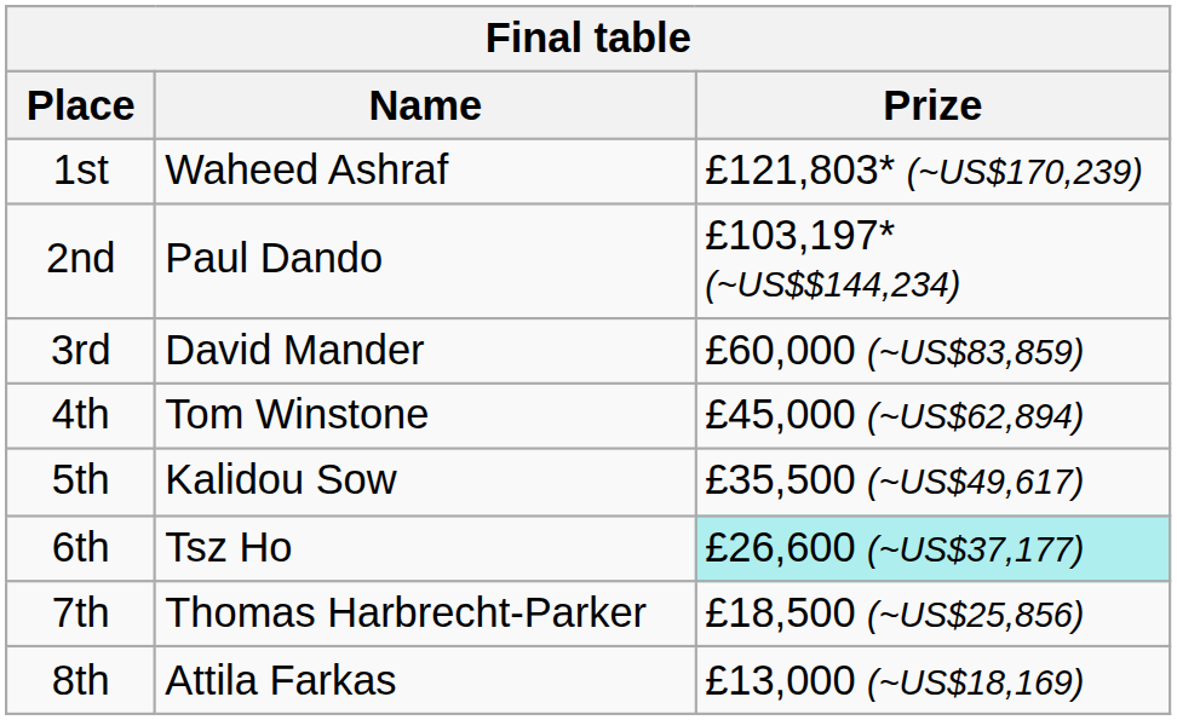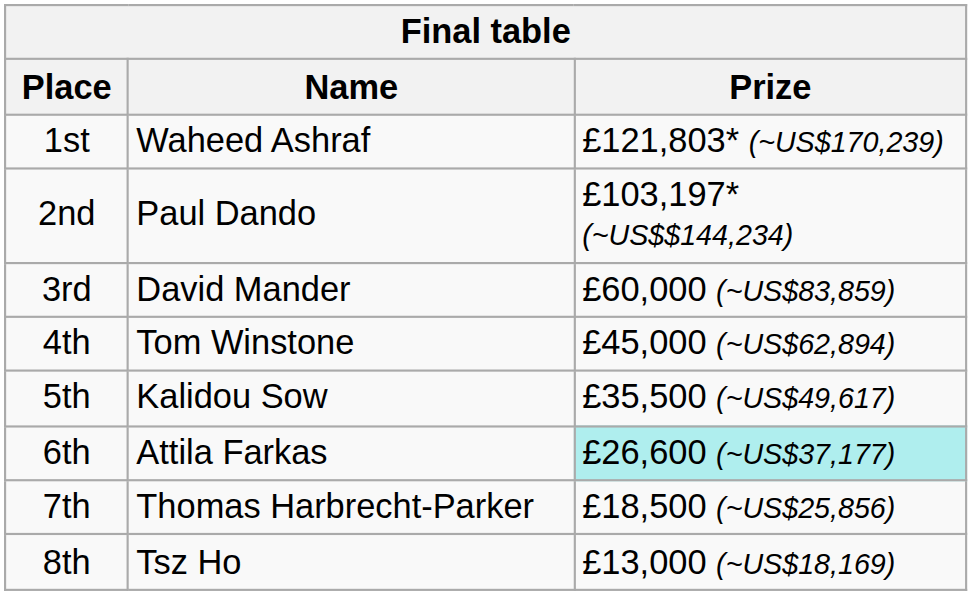 <table class="wikitable">
 <tr>
 <th colspan="3">Final table</th>
 </tr>
 <tr>
 <th style="width:50px;">Place</th>
 <th style="width:200px;">Name</th>
 <th style="width:175px;">Prize</th>
 </tr>
 <tr>
 <td style="text-align:center;">1st</td>
 <td> Waheed Ashraf</td>
 <td>£121,803* <small><em>(~US$170,239)</em></small></td>
 </tr>
 <tr>
 <td style="text-align:center;">2nd</td>
 <td> Paul Dando</td>
 <td>£103,197* <small><em>(~US$$144,234)</em></small></td>
 </tr>
 <tr>
 <td style="text-align:center;">3rd</td>
 <td> David Mander</td>
 <td>£60,000 <small><em>(~US$83,859)</em></small></td>
 </tr>
 <tr>
 <td style="text-align:center;">4th</td>
 <td> Tom Winstone</td>
 <td>£45,000 <small><em>(~US$62,894)</em></small></td>
 </tr>
 <tr>
 <td style="text-align:center;">5th</td>
 <td> Kalidou Sow</td>
 <td>£35,500 <small><em>(~US$49,617)</em></small></td>
 </tr>
 <tr>
 <td style="text-align:center;">6th</td>
-<td> Tsz Ho</td>
+<td> Attila Farkas</td>
 <td style="background: paleturquoise;">£26,600 <small><em>(~US$37,177)</em></small></td>
 </tr>
 <tr>
 <td style="text-align:center;">7th</td>
 <td> Thomas Harbrecht-Parker</td>
 <td>£18,500 <small><em>(~US$25,856)</em></small></td>
 </tr>
 <tr>
 <td style="text-align:center;">8th</td>
-<td> Attila Farkas</td>
+<td> Tsz Ho</td>
 <td>£13,000 <small><em>(~US$18,169)</em></small></td>
 </tr>
 </table>
